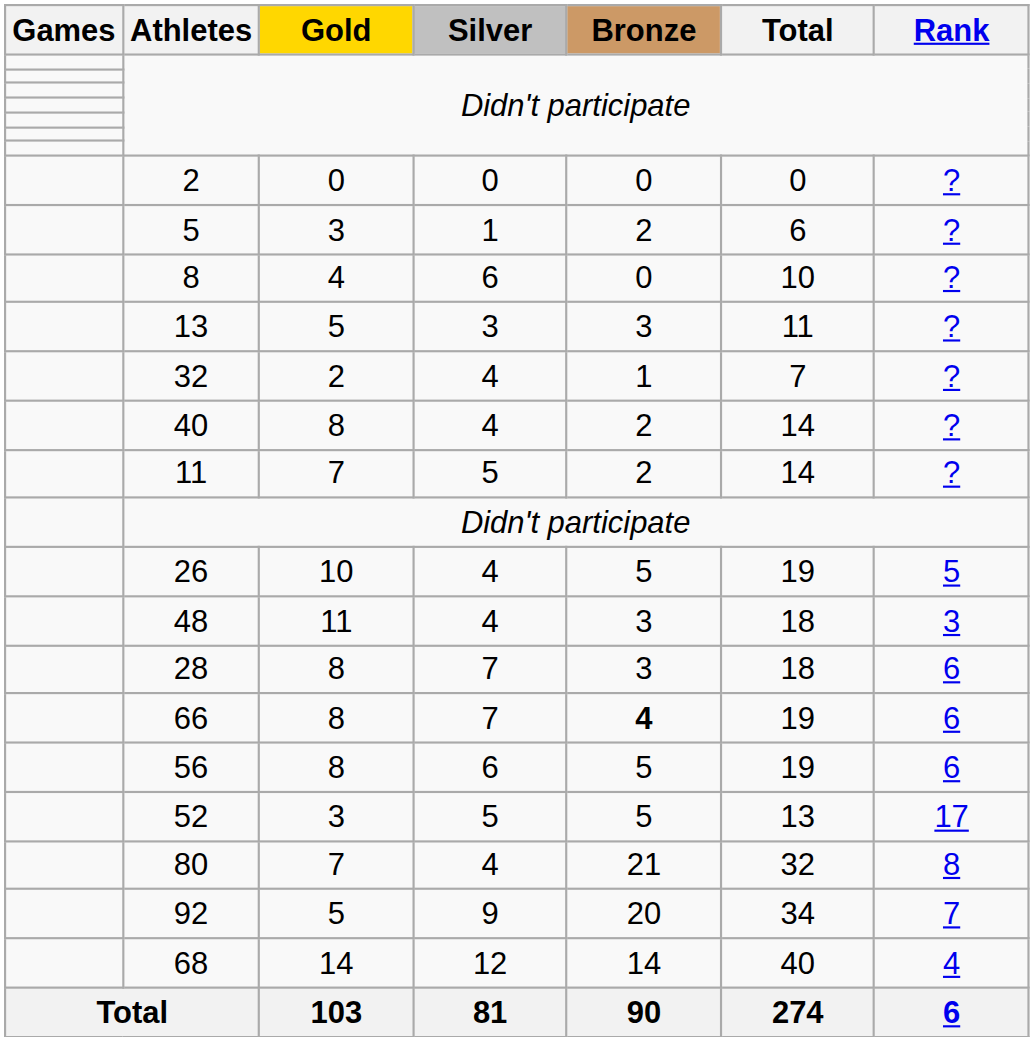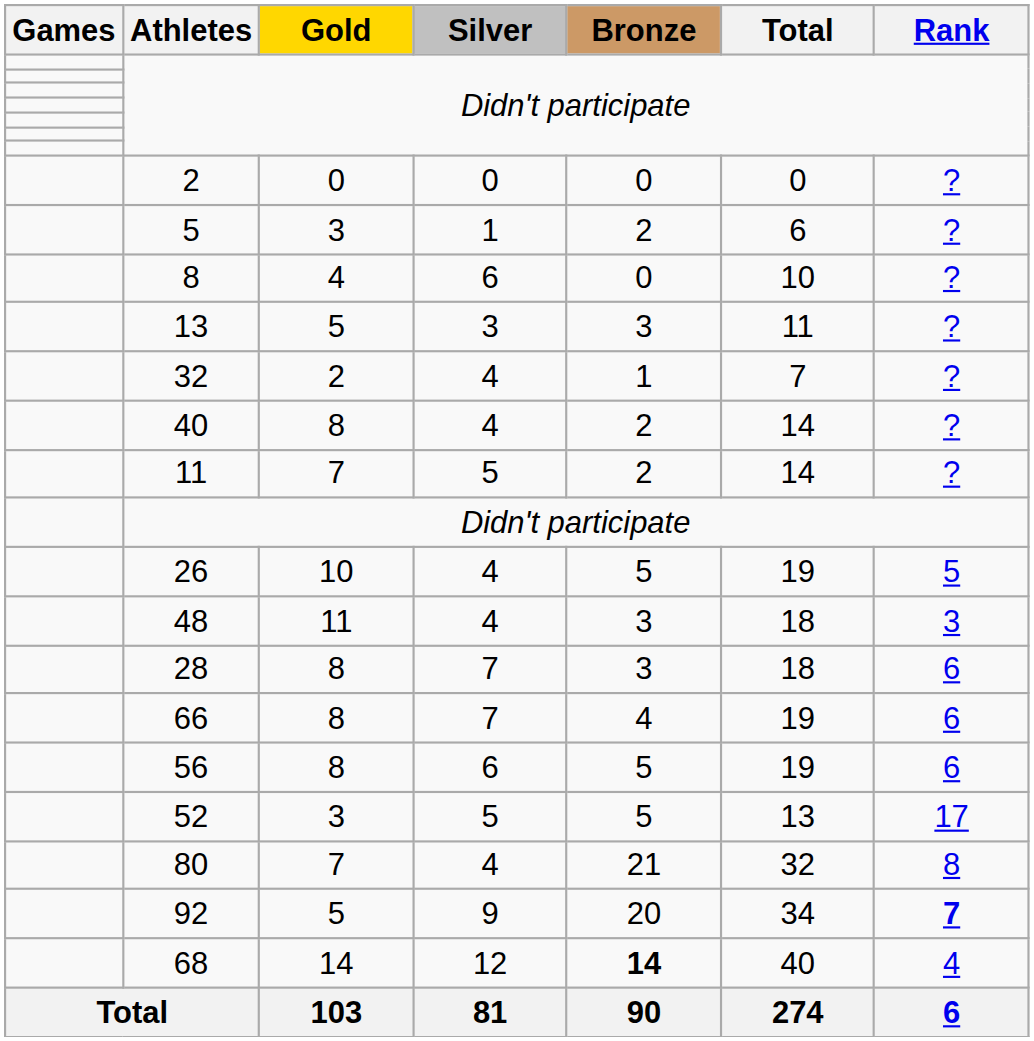 <table class="wikitable sortable" style="text-align:center; font-size:90%;">
 <tr>
 <th>Games</th>
 <th>Athletes</th>
 <th style="background:gold; width:4.5em; font-weight:bold;">Gold</th>
 <th style="background:silver; width:4.5em; font-weight:bold;">Silver</th>
 <th style="background:#cc9966; width:4.5em; font-weight:bold;">Bronze</th>
 <th style="width:4.5em; font-weight:bold;">Total</th>
 <th style="width:4.5em; font-weight:bold;"><a href='#'>Rank</a></th>
 </tr>
 <tr>
 <td align=left></td>
 <td rowspan=7 colspan=6><em>Didn't participate</em></td>
 </tr>
 <tr>
 <td align=left></td>
 </tr>
 <tr>
 <td align=left></td>
 </tr>
 <tr>
 <td align=left></td>
 </tr>
 <tr>
 <td align=left></td>
 </tr>
 <tr>
 <td align=left></td>
 </tr>
 <tr>
 <td align=left></td>
 </tr>
 <tr>
 <td align=left></td>
 <td>2</td>
 <td>0</td>
 <td>0</td>
 <td>0</td>
 <td>0</td>
 <td><a href='#'>?</a></td>
 </tr>
 <tr>
 <td align=left></td>
 <td>5</td>
 <td>3</td>
 <td>1</td>
 <td>2</td>
 <td>6</td>
 <td><a href='#'>?</a></td>
 </tr>
 <tr>
 <td align=left></td>
 <td>8</td>
 <td>4</td>
 <td>6</td>
 <td>0</td>
 <td>10</td>
 <td><a href='#'>?</a></td>
 </tr>
 <tr>
 <td align=left></td>
 <td>13</td>
 <td>5</td>
 <td>3</td>
 <td>3</td>
 <td>11</td>
 <td><a href='#'>?</a></td>
 </tr>
 <tr>
 <td align=left></td>
 <td>32</td>
 <td>2</td>
 <td>4</td>
 <td>1</td>
 <td>7</td>
 <td><a href='#'>?</a></td>
 </tr>
 <tr>
 <td align=left></td>
 <td>40</td>
 <td>8</td>
 <td>4</td>
 <td>2</td>
 <td>14</td>
 <td><a href='#'>?</a></td>
 </tr>
 <tr>
 <td align=left></td>
 <td>11</td>
 <td>7</td>
 <td>5</td>
 <td>2</td>
 <td>14</td>
 <td><a href='#'>?</a></td>
 </tr>
 <tr>
 <td align=left></td>
 <td rowspan=1 colspan=6><em>Didn't participate</em></td>
 </tr>
 <tr>
 <td align=left></td>
 <td>26</td>
 <td>10</td>
 <td>4</td>
 <td>5</td>
 <td>19</td>
 <td><a href='#'>5</a></td>
 </tr>
 <tr>
 <td align=left></td>
 <td>48</td>
 <td>11</td>
 <td>4</td>
 <td>3</td>
 <td>18</td>
 <td><a href='#'>3</a></td>
 </tr>
 <tr>
 <td align=left></td>
 <td>28</td>
 <td>8</td>
 <td>7</td>
 <td>3</td>
 <td>18</td>
 <td><a href='#'>6</a></td>
 </tr>
 <tr>
 <td align=left></td>
 <td>66</td>
 <td>8</td>
 <td>7</td>
-<td><strong>4</strong></td>
+<td>4</td>
 <td>19</td>
 <td><a href='#'>6</a></td>
 </tr>
 <tr>
 <td align=left></td>
 <td>56</td>
 <td>8</td>
 <td>6</td>
 <td>5</td>
 <td>19</td>
 <td><a href='#'>6</a></td>
 </tr>
 <tr>
 <td align=left></td>
 <td>52</td>
 <td>3</td>
 <td>5</td>
 <td>5</td>
 <td>13</td>
 <td><a href='#'>17</a></td>
 </tr>
 <tr>
 <td align=left></td>
 <td>80</td>
 <td>7</td>
 <td>4</td>
 <td>21</td>
 <td>32</td>
 <td><a href='#'>8</a></td>
 </tr>
 <tr>
 <td align=left></td>
 <td>92</td>
 <td>5</td>
 <td>9</td>
 <td>20</td>
 <td>34</td>
-<td><a href='#'>7</a></td>
+<td><strong><a href='#'>7</a></strong></td>
 </tr>
 <tr>
 <td align=left></td>
 <td>68</td>
 <td>14</td>
 <td>12</td>
-<td>14</td>
+<td><strong>14</strong></td>
 <td>40</td>
 <td><a href='#'>4</a></td>
 </tr>
 <tr>
 <th colspan=2>Total</th>
 <th>103</th>
 <th>81</th>
 <th>90</th>
 <th>274</th>
 <th><a href='#'>6</a></th>
 </tr>
 </table>
